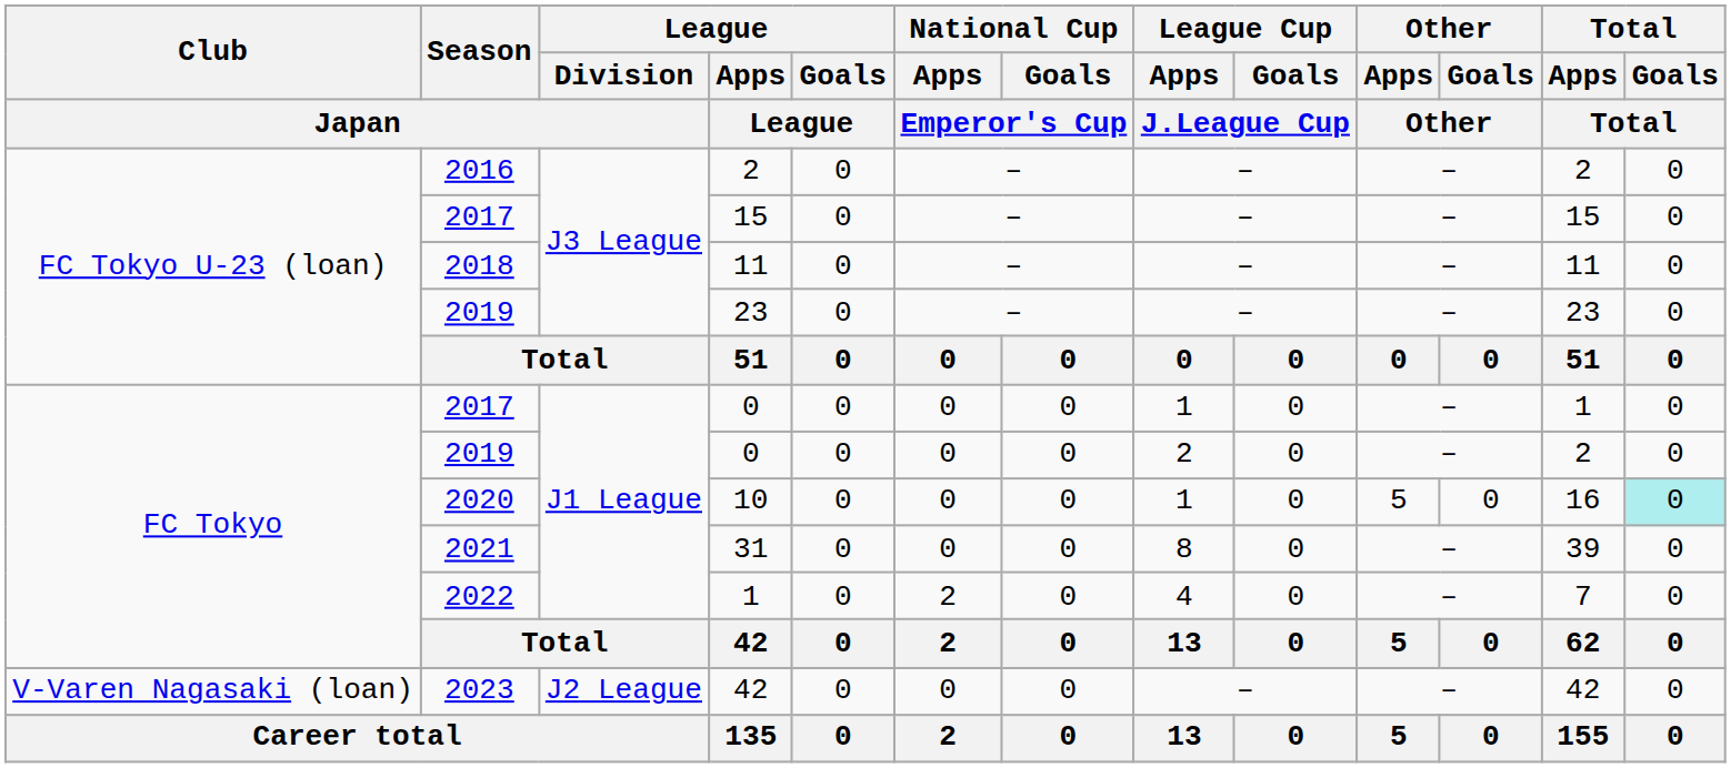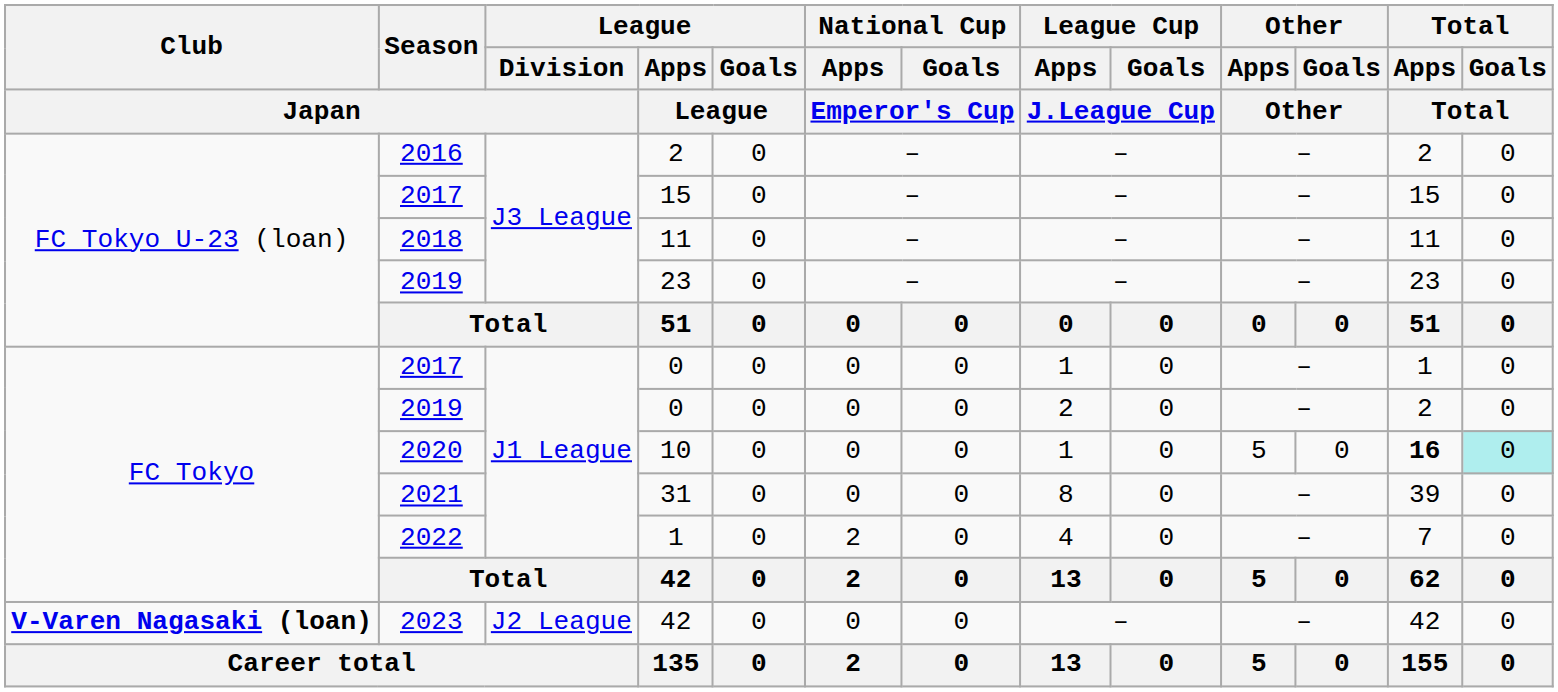 <table class="wikitable" style="text-align: center">
 <tr>
 <th rowspan="2">Club</th>
 <th rowspan="2">Season</th>
 <th colspan="3">League</th>
 <th colspan="2">National Cup</th>
 <th colspan="2">League Cup</th>
 <th colspan="2">Other</th>
 <th colspan="2">Total</th>
 </tr>
 <tr>
 <th>Division</th>
 <th>Apps</th>
 <th>Goals</th>
 <th>Apps</th>
 <th>Goals</th>
 <th>Apps</th>
 <th>Goals</th>
 <th>Apps</th>
 <th>Goals</th>
 <th>Apps</th>
 <th>Goals</th>
 </tr>
 <tr>
 <th colspan=3>Japan</th>
 <th colspan=2>League</th>
 <th colspan=2><a href='#'>Emperor's Cup</a></th>
 <th colspan=2><a href='#'>J.League Cup</a></th>
 <th colspan=2>Other</th>
 <th colspan=2>Total</th>
 </tr>
 <tr>
 <td rowspan="5"><a href='#'>FC Tokyo U-23</a> (loan)</td>
 <td><a href='#'>2016</a></td>
 <td rowspan="4"><a href='#'>J3 League</a></td>
 <td>2</td>
 <td>0</td>
 <td colspan="2">–</td>
 <td colspan="2">–</td>
 <td colspan="2">–</td>
 <td>2</td>
 <td>0</td>
 </tr>
 <tr>
 <td><a href='#'>2017</a></td>
 <td>15</td>
 <td>0</td>
 <td colspan="2">–</td>
 <td colspan="2">–</td>
 <td colspan="2">–</td>
 <td>15</td>
 <td>0</td>
 </tr>
 <tr>
 <td><a href='#'>2018</a></td>
 <td>11</td>
 <td>0</td>
 <td colspan="2">–</td>
 <td colspan="2">–</td>
 <td colspan="2">–</td>
 <td>11</td>
 <td>0</td>
 </tr>
 <tr>
 <td><a href='#'>2019</a></td>
 <td>23</td>
 <td>0</td>
 <td colspan="2">–</td>
 <td colspan="2">–</td>
 <td colspan="2">–</td>
 <td>23</td>
 <td>0</td>
 </tr>
 <tr>
 <th colspan="2">Total</th>
 <th>51</th>
 <th>0</th>
 <th>0</th>
 <th>0</th>
 <th>0</th>
 <th>0</th>
 <th>0</th>
 <th>0</th>
 <th>51</th>
 <th>0</th>
 </tr>
 <tr>
 <td rowspan="6"><a href='#'>FC Tokyo</a></td>
 <td><a href='#'>2017</a></td>
 <td rowspan="5"><a href='#'>J1 League</a></td>
 <td>0</td>
 <td>0</td>
 <td>0</td>
 <td>0</td>
 <td>1</td>
 <td>0</td>
 <td colspan="2">–</td>
 <td>1</td>
 <td>0</td>
 </tr>
 <tr>
 <td><a href='#'>2019</a></td>
 <td>0</td>
 <td>0</td>
 <td>0</td>
 <td>0</td>
 <td>2</td>
 <td>0</td>
 <td colspan="2">–</td>
 <td>2</td>
 <td>0</td>
 </tr>
 <tr>
 <td><a href='#'>2020</a></td>
 <td>10</td>
 <td>0</td>
 <td>0</td>
 <td>0</td>
 <td>1</td>
 <td>0</td>
 <td>5</td>
 <td>0</td>
-<td>16</td>
+<td><strong>16</strong></td>
 <td style="background: paleturquoise;">0</td>
 </tr>
 <tr>
 <td><a href='#'>2021</a></td>
 <td>31</td>
 <td>0</td>
 <td>0</td>
 <td>0</td>
 <td>8</td>
 <td>0</td>
 <td colspan="2">–</td>
 <td>39</td>
 <td>0</td>
 </tr>
 <tr>
 <td><a href='#'>2022</a></td>
 <td>1</td>
 <td>0</td>
 <td>2</td>
 <td>0</td>
 <td>4</td>
 <td>0</td>
 <td colspan="2">–</td>
 <td>7</td>
 <td>0</td>
 </tr>
 <tr>
 <th colspan="2">Total</th>
 <th>42</th>
 <th>0</th>
 <th>2</th>
 <th>0</th>
 <th>13</th>
 <th>0</th>
 <th>5</th>
 <th>0</th>
 <th>62</th>
 <th>0</th>
 </tr>
 <tr>
-<td><a href='#'>V-Varen Nagasaki</a> (loan)</td>
+<td><strong><a href='#'>V-Varen Nagasaki</a> (loan)</strong></td>
 <td><a href='#'>2023</a></td>
 <td><a href='#'>J2 League</a></td>
 <td>42</td>
 <td>0</td>
 <td>0</td>
 <td>0</td>
 <td colspan="2">–</td>
 <td colspan="2">–</td>
 <td>42</td>
 <td>0</td>
 </tr>
 <tr>
 <th colspan=3>Career total</th>
 <th>135</th>
 <th>0</th>
 <th>2</th>
 <th>0</th>
 <th>13</th>
 <th>0</th>
 <th>5</th>
 <th>0</th>
 <th>155</th>
 <th>0</th>
 </tr>
 </table>
